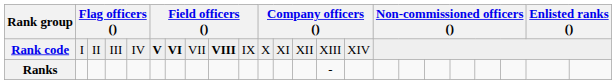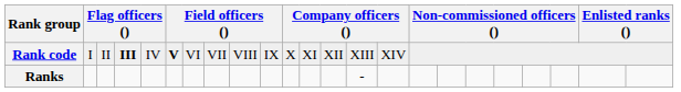 <table class="wikitable">
 <tr align="center" style="background:#cfcfcf;">
 <th>Rank group</th>
 <th colspan=4><a href='#'>Flag officers</a><br>()</th>
 <th colspan=5><a href='#'>Field officers</a><br>()</th>
 <th colspan=5><a href='#'>Company officers</a><br>()</th>
 <th colspan=6><a href='#'>Non-commissioned officers</a><br>()</th>
 <th colspan=2><a href='#'>Enlisted ranks</a><br>()</th>
 </tr>
 <tr style="background:#efefef;text-align:center;">
 <th colspan=1><a href='#'>Rank code</a></th>
 <td colspan=1>I</td>
 <td colspan=1>II</td>
-<td colspan=1>III</td>
+<td colspan=1><strong>III</strong></td>
 <td colspan=1>IV</td>
 <td colspan=1><strong>V</strong></td>
-<td colspan=1><strong>VI</strong></td>
+<td colspan=1>VI</td>
 <td colspan=1>VII</td>
-<td colspan=1><strong>VIII</strong></td>
+<td colspan=1>VIII</td>
 <td colspan=1>IX</td>
 <td colspan=1>X</td>
 <td colspan=1>XI</td>
 <td colspan=1>XII</td>
 <td colspan=1>XIII</td>
 <td colspan=1>XIV</td>
 <td colspan=8></td>
 </tr>
 <tr align="center">
 <th>Ranks</th>
 <td><br></td>
 <td><br></td>
 <td><br></td>
 <td><br></td>
 <td><br></td>
 <td><br></td>
 <td><br></td>
 <td><br></td>
 <td><br></td>
 <td><br></td>
 <td><br></td>
 <td><br></td>
 <td>-</td>
 <td><br></td>
 <td><br></td>
 <td><br></td>
 <td><br></td>
 <td><br></td>
 <td><br></td>
 <td><br></td>
 <td><br></td>
 <td><br></td>
 </tr>
 </table>
